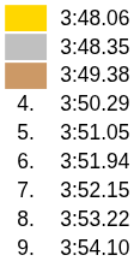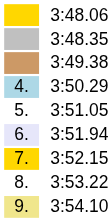 <table style="text-align:center">
 <tr>
 <td width=30 bgcolor=gold></td>
 <td align=left></td>
 <td width=60>3:48.06</td>
 </tr>
 <tr>
 <td bgcolor=silver></td>
 <td align=left></td>
 <td>3:48.35</td>
 </tr>
 <tr>
 <td bgcolor=cc9966></td>
 <td align=left></td>
 <td>3:49.38</td>
 </tr>
 <tr>
-<td>4.</td>
+<td style="background: lightblue;">4.</td>
 <td align=left></td>
 <td>3:50.29</td>
 </tr>
 <tr>
 <td>5.</td>
 <td align=left></td>
 <td>3:51.05</td>
 </tr>
 <tr>
-<td>6.</td>
+<td style="background: lavender;">6.</td>
 <td align=left></td>
 <td>3:51.94</td>
 </tr>
 <tr>
-<td>7.</td>
+<td style="background: gold;">7.</td>
 <td align=left></td>
 <td>3:52.15</td>
 </tr>
 <tr>
 <td>8.</td>
 <td align=left></td>
 <td>3:53.22</td>
 </tr>
 <tr>
-<td>9.</td>
+<td style="background: khaki;">9.</td>
 <td align=left></td>
 <td>3:54.10</td>
 </tr>
 </table>
